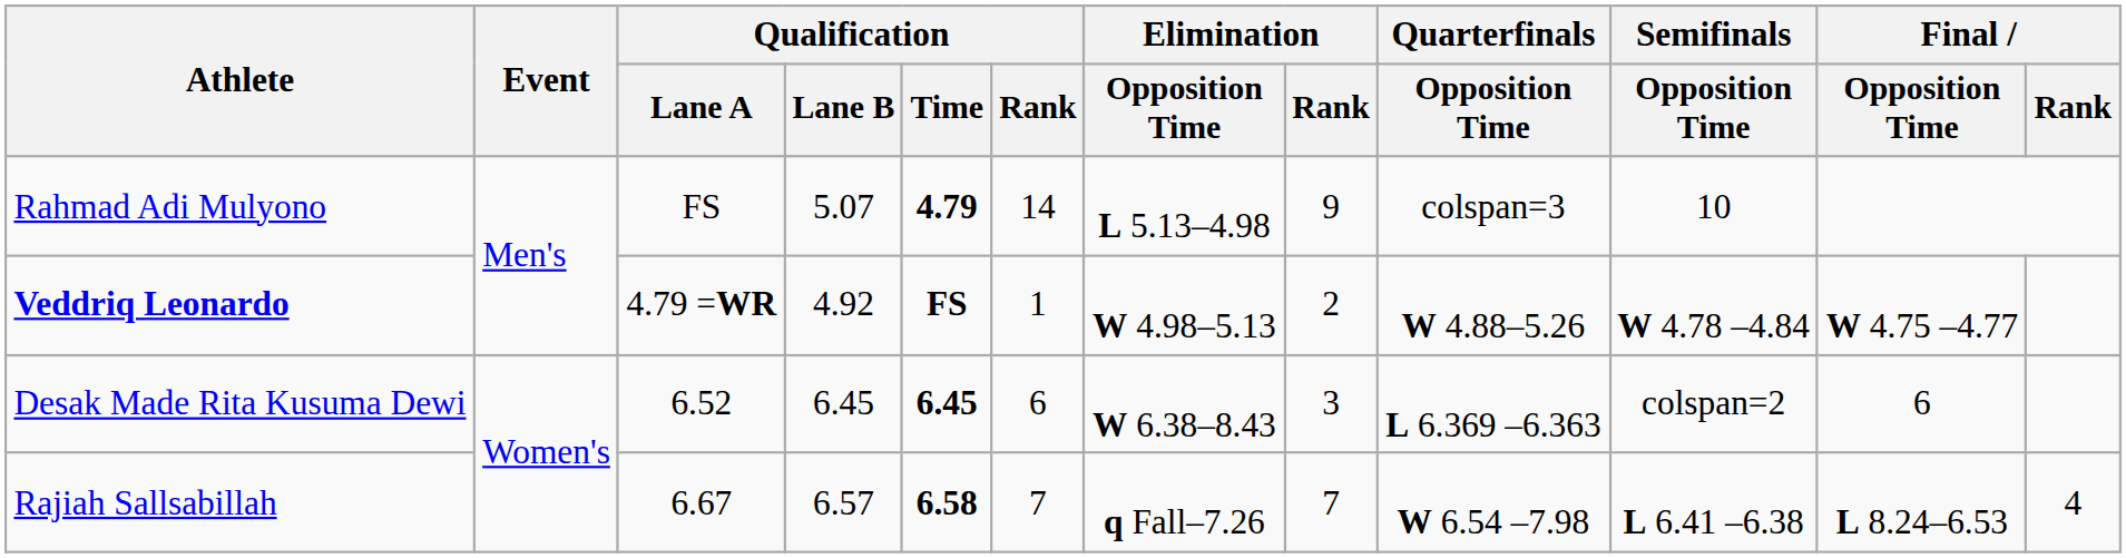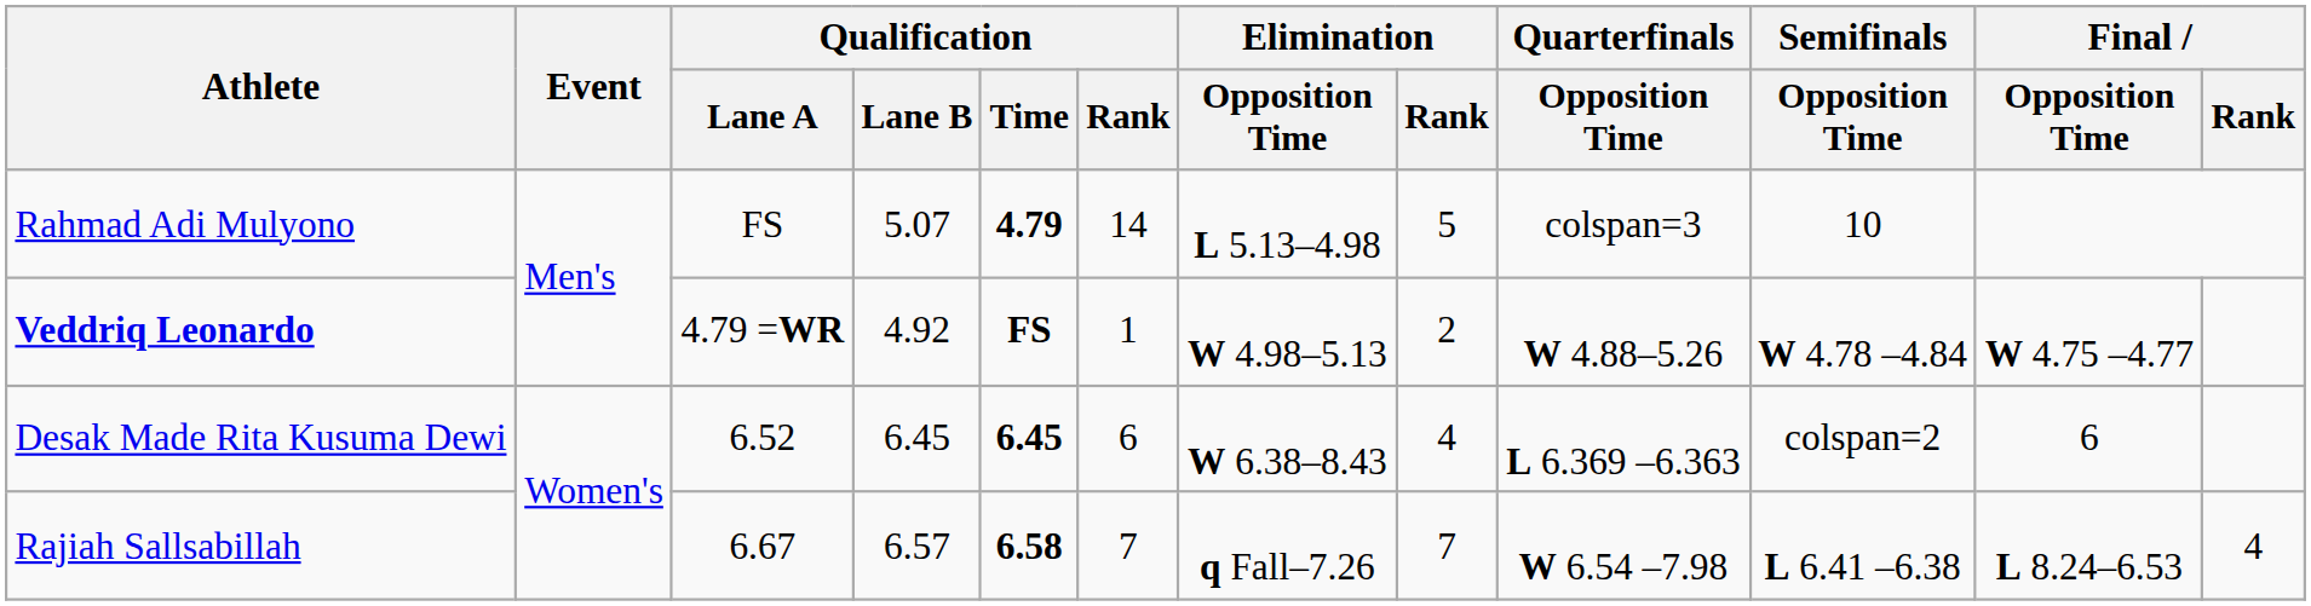 <table class="wikitable" style="font-size:90%; text-align:center">
 <tr>
 <th rowspan=2>Athlete</th>
 <th rowspan=2>Event</th>
 <th colspan="4">Qualification</th>
 <th colspan="2">Elimination</th>
 <th>Quarterfinals</th>
 <th>Semifinals</th>
 <th colspan="2">Final / </th>
 </tr>
 <tr style="font-size:95%">
 <th>Lane A</th>
 <th>Lane B</th>
 <th>Time</th>
 <th>Rank</th>
 <th>Opposition<br>Time</th>
 <th>Rank</th>
 <th>Opposition<br>Time</th>
 <th>Opposition<br>Time</th>
 <th>Opposition<br>Time</th>
 <th>Rank</th>
 </tr>
 <tr align=center>
 <td align=left><a href='#'>Rahmad Adi Mulyono</a></td>
 <td align=left rowspan=2><a href='#'>Men's</a></td>
 <td>FS</td>
 <td>5.07</td>
 <td><strong>4.79</strong></td>
 <td>14</td>
 <td><br><strong>L</strong> 5.13–4.98</td>
-<td>9</td>
+<td>5</td>
 <td>colspan=3 </td>
 <td>10</td>
 </tr>
 <tr align=center>
 <td align=left><strong><a href='#'>Veddriq Leonardo</a></strong></td>
 <td>4.79 =<strong>WR</strong></td>
 <td>4.92</td>
 <td><strong>FS</strong></td>
 <td>1</td>
 <td><br><strong>W</strong> 4.98–5.13</td>
 <td>2</td>
 <td><br><strong>W</strong> 4.88–5.26</td>
 <td><br><strong>W</strong> 4.78 –4.84 </td>
 <td><br> <strong>W</strong> 4.75 –4.77 </td>
 <td></td>
 </tr>
 <tr align=center>
 <td align=left><a href='#'>Desak Made Rita Kusuma Dewi</a></td>
 <td align=left rowspan=2><a href='#'>Women's</a></td>
 <td>6.52</td>
 <td>6.45</td>
 <td><strong>6.45</strong></td>
 <td>6</td>
 <td><br><strong>W</strong> 6.38–8.43</td>
-<td>3</td>
+<td>4</td>
 <td><br><strong>L</strong> 6.369 –6.363</td>
 <td>colspan=2 </td>
 <td>6</td>
 </tr>
 <tr align=center>
 <td align=left><a href='#'>Rajiah Sallsabillah</a></td>
 <td>6.67</td>
 <td>6.57</td>
 <td><strong>6.58</strong></td>
 <td>7</td>
 <td><br><strong>q</strong> Fall–7.26</td>
 <td>7</td>
 <td><br><strong>W</strong> 6.54 –7.98</td>
 <td><br><strong>L</strong> 6.41 –6.38</td>
 <td><br><strong>L</strong> 8.24–6.53</td>
 <td>4</td>
 </tr>
 </table>
